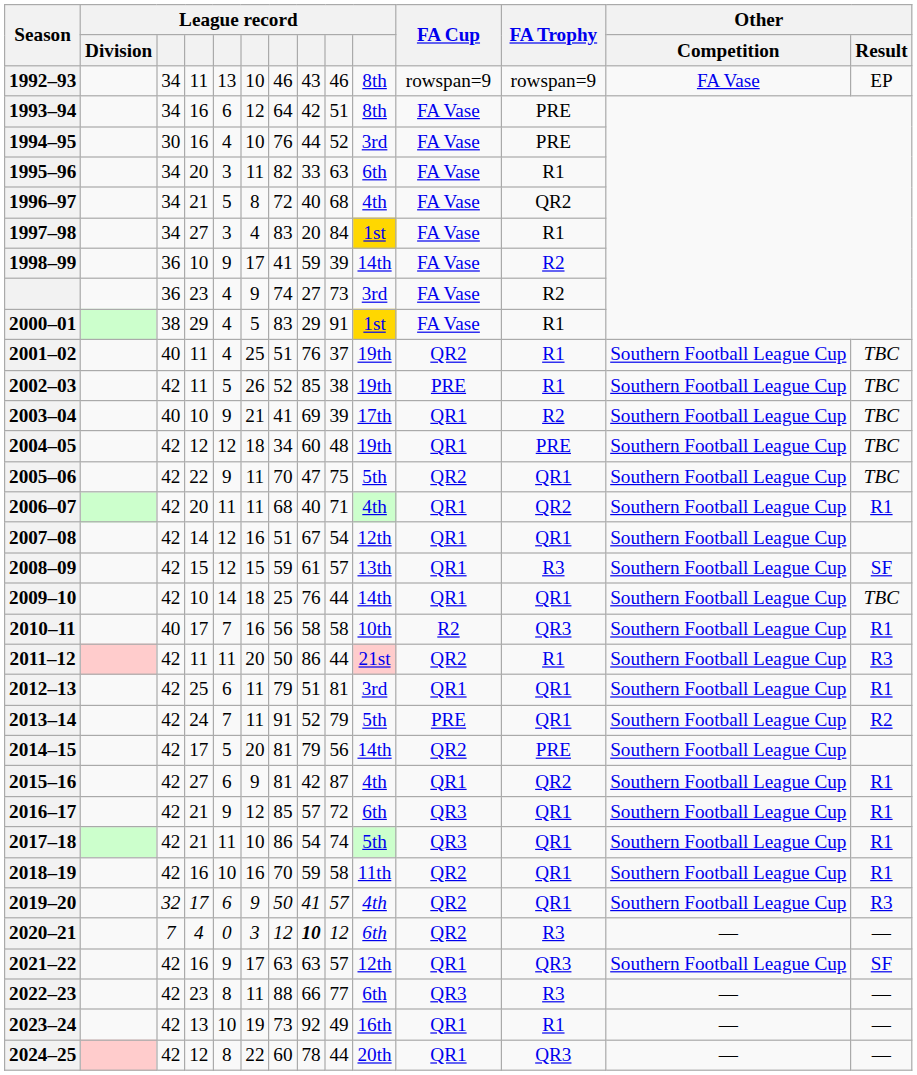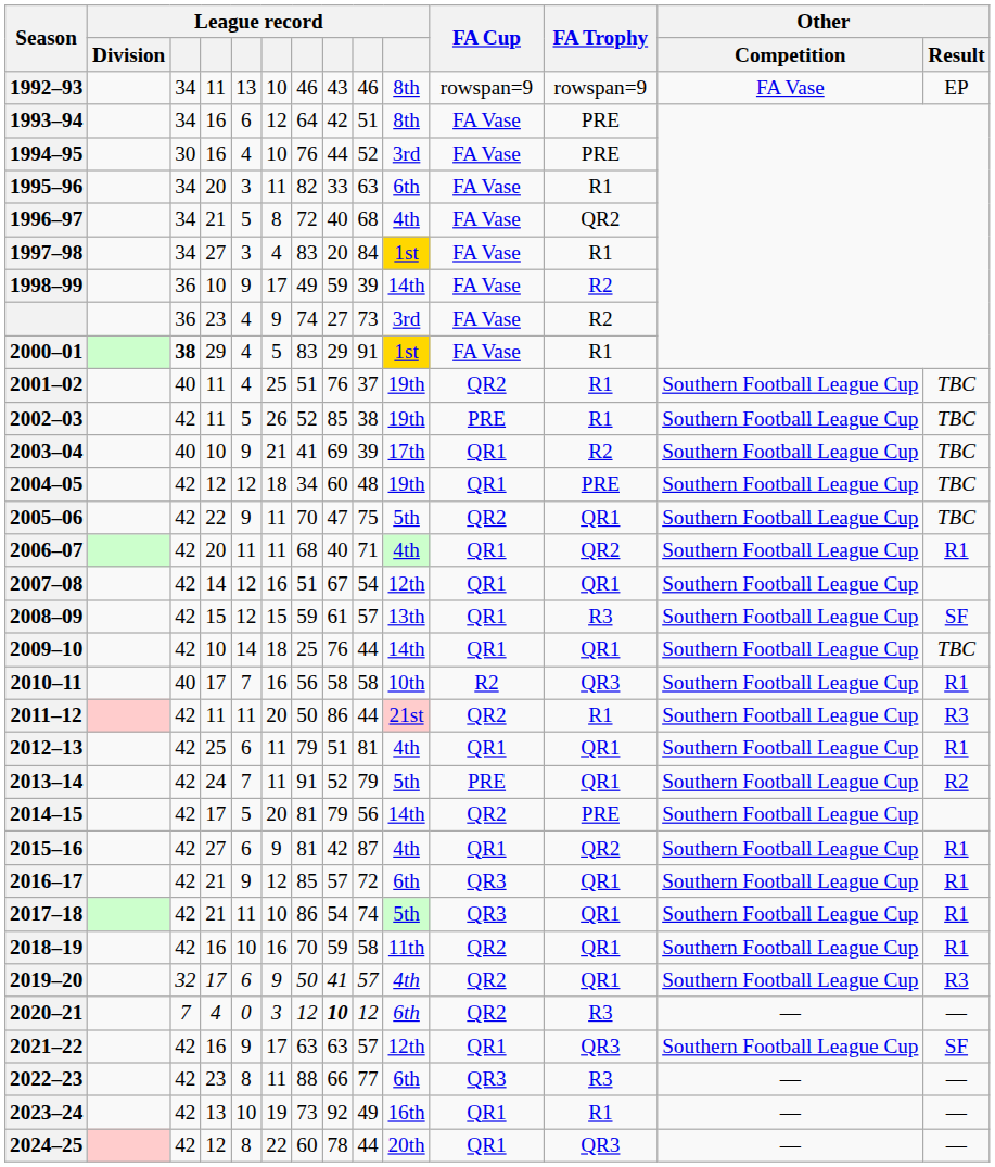 <table class="wikitable sortable plainrowheaders" style="text-align:center;">
 <tr>
 <th rowspan=2 scope=col>Season</th>
 <th colspan=9>League record</th>
 <th rowspan=2 scope=col width=80px><a href='#'>FA Cup</a></th>
 <th rowspan=2 scope=col width=80px><a href='#'>FA Trophy</a></th>
 <th scope=col colspan=2 width=80px>Other</th>
 </tr>
 <tr>
 <th scope=col>Division</th>
 <th scope=col></th>
 <th scope=col></th>
 <th scope=col></th>
 <th scope=col></th>
 <th scope=col></th>
 <th scope=col></th>
 <th scope=col data-sort-type="number"></th>
 <th scope=col data-sort-type="number"></th>
 <th scope=col>Competition</th>
 <th scope=col>Result</th>
 </tr>
 <tr>
 <th scope=row>1992–93</th>
 <td></td>
 <td>34</td>
 <td>11</td>
 <td>13</td>
 <td>10</td>
 <td>46</td>
 <td>43</td>
 <td>46</td>
 <td><a href='#'>8th</a></td>
 <td>rowspan=9 </td>
 <td>rowspan=9 </td>
 <td><a href='#'>FA Vase</a></td>
 <td>EP</td>
 </tr>
 <tr>
 <th scope=row>1993–94</th>
 <td></td>
 <td>34</td>
 <td>16</td>
 <td>6</td>
 <td>12</td>
 <td>64</td>
 <td>42</td>
 <td>51</td>
 <td><a href='#'>8th</a></td>
 <td><a href='#'>FA Vase</a></td>
 <td>PRE</td>
 </tr>
 <tr>
 <th scope=row>1994–95</th>
 <td></td>
 <td>30</td>
 <td>16</td>
 <td>4</td>
 <td>10</td>
 <td>76</td>
 <td>44</td>
 <td>52</td>
 <td><a href='#'>3rd</a></td>
 <td><a href='#'>FA Vase</a></td>
 <td>PRE</td>
 </tr>
 <tr>
 <th scope=row>1995–96</th>
 <td></td>
 <td>34</td>
 <td>20</td>
 <td>3</td>
 <td>11</td>
 <td>82</td>
 <td>33</td>
 <td>63</td>
 <td><a href='#'>6th</a></td>
 <td><a href='#'>FA Vase</a></td>
 <td>R1</td>
 </tr>
 <tr>
 <th scope=row>1996–97</th>
 <td></td>
 <td>34</td>
 <td>21</td>
 <td>5</td>
 <td>8</td>
 <td>72</td>
 <td>40</td>
 <td>68</td>
 <td><a href='#'>4th</a></td>
 <td><a href='#'>FA Vase</a></td>
 <td>QR2</td>
 </tr>
 <tr>
 <th scope=row>1997–98</th>
 <td></td>
 <td>34</td>
 <td>27</td>
 <td>3</td>
 <td>4</td>
 <td>83</td>
 <td>20</td>
 <td>84</td>
 <td style="background-color:gold;"><a href='#'>1st</a></td>
 <td><a href='#'>FA Vase</a></td>
 <td>R1</td>
 </tr>
 <tr>
 <th scope=row>1998–99</th>
 <td></td>
 <td>36</td>
 <td>10</td>
 <td>9</td>
 <td>17</td>
-<td>41</td>
+<td>49</td>
 <td>59</td>
 <td>39</td>
 <td><a href='#'>14th</a></td>
 <td><a href='#'>FA Vase</a></td>
 <td><a href='#'>R2</a></td>
 </tr>
 <tr>
 <th scope=row></th>
 <td></td>
 <td>36</td>
 <td>23</td>
 <td>4</td>
 <td>9</td>
 <td>74</td>
 <td>27</td>
 <td>73</td>
 <td><a href='#'>3rd</a></td>
 <td><a href='#'>FA Vase</a></td>
 <td>R2</td>
 </tr>
 <tr>
 <th scope=row>2000–01</th>
 <td style="background-color:#cfc;"></td>
-<td>38</td>
+<td><strong>38</strong></td>
 <td>29</td>
 <td>4</td>
 <td>5</td>
 <td>83</td>
 <td>29</td>
 <td>91</td>
 <td style="background-color:gold;"><a href='#'>1st</a></td>
 <td><a href='#'>FA Vase</a></td>
 <td>R1</td>
 </tr>
 <tr>
 <th scope=row>2001–02</th>
 <td></td>
 <td>40</td>
 <td>11</td>
 <td>4</td>
 <td>25</td>
 <td>51</td>
 <td>76</td>
 <td>37</td>
 <td><a href='#'>19th</a></td>
 <td><a href='#'>QR2</a></td>
 <td><a href='#'>R1</a></td>
 <td><a href='#'>Southern Football League Cup</a></td>
 <td><em>TBC</em></td>
 </tr>
 <tr>
 <th scope=row>2002–03</th>
 <td></td>
 <td>42</td>
 <td>11</td>
 <td>5</td>
 <td>26</td>
 <td>52</td>
 <td>85</td>
 <td>38</td>
 <td><a href='#'>19th</a></td>
 <td><a href='#'>PRE</a></td>
 <td><a href='#'>R1</a></td>
 <td><a href='#'>Southern Football League Cup</a></td>
 <td><em>TBC</em></td>
 </tr>
 <tr>
 <th scope=row>2003–04</th>
 <td></td>
 <td>40</td>
 <td>10</td>
 <td>9</td>
 <td>21</td>
 <td>41</td>
 <td>69</td>
 <td>39</td>
 <td><a href='#'>17th</a></td>
 <td><a href='#'>QR1</a></td>
 <td><a href='#'>R2</a></td>
 <td><a href='#'>Southern Football League Cup</a></td>
 <td><em>TBC</em></td>
 </tr>
 <tr>
 <th scope=row>2004–05</th>
 <td></td>
 <td>42</td>
 <td>12</td>
 <td>12</td>
 <td>18</td>
 <td>34</td>
 <td>60</td>
 <td>48</td>
 <td><a href='#'>19th</a></td>
 <td><a href='#'>QR1</a></td>
 <td><a href='#'>PRE</a></td>
 <td><a href='#'>Southern Football League Cup</a></td>
 <td><em>TBC</em></td>
 </tr>
 <tr>
 <th scope=row>2005–06</th>
 <td></td>
 <td>42</td>
 <td>22</td>
 <td>9</td>
 <td>11</td>
 <td>70</td>
 <td>47</td>
 <td>75</td>
 <td><a href='#'>5th</a></td>
 <td><a href='#'>QR2</a></td>
 <td><a href='#'>QR1</a></td>
 <td><a href='#'>Southern Football League Cup</a></td>
 <td><em>TBC</em></td>
 </tr>
 <tr>
 <th scope=row>2006–07</th>
 <td style="background-color:#cfc;"></td>
 <td>42</td>
 <td>20</td>
 <td>11</td>
 <td>11</td>
 <td>68</td>
 <td>40</td>
 <td>71</td>
 <td style="background-color:#cfc;"><a href='#'>4th</a></td>
 <td><a href='#'>QR1</a></td>
 <td><a href='#'>QR2</a></td>
 <td><a href='#'>Southern Football League Cup</a></td>
 <td><a href='#'>R1</a></td>
 </tr>
 <tr>
 <th scope=row>2007–08</th>
 <td></td>
 <td>42</td>
 <td>14</td>
 <td>12</td>
 <td>16</td>
 <td>51</td>
 <td>67</td>
 <td>54</td>
 <td><a href='#'>12th</a></td>
 <td><a href='#'>QR1</a></td>
 <td><a href='#'>QR1</a></td>
 <td><a href='#'>Southern Football League Cup</a></td>
 <td></td>
 </tr>
 <tr>
 <th scope=row>2008–09</th>
 <td></td>
 <td>42</td>
 <td>15</td>
 <td>12</td>
 <td>15</td>
 <td>59</td>
 <td>61</td>
 <td>57</td>
 <td><a href='#'>13th</a></td>
 <td><a href='#'>QR1</a></td>
 <td><a href='#'>R3</a></td>
 <td><a href='#'>Southern Football League Cup</a></td>
 <td><a href='#'>SF</a></td>
 </tr>
 <tr>
 <th scope=row>2009–10</th>
 <td></td>
 <td>42</td>
 <td>10</td>
 <td>14</td>
 <td>18</td>
 <td>25</td>
 <td>76</td>
 <td>44</td>
 <td><a href='#'>14th</a></td>
 <td><a href='#'>QR1</a></td>
 <td><a href='#'>QR1</a></td>
 <td><a href='#'>Southern Football League Cup</a></td>
 <td><em>TBC</em></td>
 </tr>
 <tr>
 <th scope=row>2010–11</th>
 <td></td>
 <td>40</td>
 <td>17</td>
 <td>7</td>
 <td>16</td>
 <td>56</td>
 <td>58</td>
 <td>58</td>
 <td><a href='#'>10th</a></td>
 <td><a href='#'>R2</a></td>
 <td><a href='#'>QR3</a></td>
 <td><a href='#'>Southern Football League Cup</a></td>
 <td><a href='#'>R1</a></td>
 </tr>
 <tr>
 <th scope=row>2011–12</th>
 <td style="background-color:#fcc;"></td>
 <td>42</td>
 <td>11</td>
 <td>11</td>
 <td>20</td>
 <td>50</td>
 <td>86</td>
 <td>44</td>
 <td style="background-color:#fcc;"><a href='#'>21st</a></td>
 <td><a href='#'>QR2</a></td>
 <td><a href='#'>R1</a></td>
 <td><a href='#'>Southern Football League Cup</a></td>
 <td><a href='#'>R3</a></td>
 </tr>
 <tr>
 <th scope=row>2012–13</th>
 <td></td>
 <td>42</td>
 <td>25</td>
 <td>6</td>
 <td>11</td>
 <td>79</td>
 <td>51</td>
 <td>81</td>
-<td><a href='#'>3rd</a></td>
+<td><a href='#'>4th</a></td>
 <td><a href='#'>QR1</a></td>
 <td><a href='#'>QR1</a></td>
 <td><a href='#'>Southern Football League Cup</a></td>
 <td><a href='#'>R1</a></td>
 </tr>
 <tr>
 <th scope=row>2013–14</th>
 <td></td>
 <td>42</td>
 <td>24</td>
 <td>7</td>
 <td>11</td>
 <td>91</td>
 <td>52</td>
 <td>79</td>
 <td><a href='#'>5th</a></td>
 <td><a href='#'>PRE</a></td>
 <td><a href='#'>QR1</a></td>
 <td><a href='#'>Southern Football League Cup</a></td>
 <td><a href='#'>R2</a></td>
 </tr>
 <tr>
 <th scope=row>2014–15</th>
 <td></td>
 <td>42</td>
 <td>17</td>
 <td>5</td>
 <td>20</td>
 <td>81</td>
 <td>79</td>
 <td>56</td>
 <td><a href='#'>14th</a></td>
 <td><a href='#'>QR2</a></td>
 <td><a href='#'>PRE</a></td>
 <td><a href='#'>Southern Football League Cup</a></td>
 <td></td>
 </tr>
 <tr>
 <th scope=row>2015–16</th>
 <td></td>
 <td>42</td>
 <td>27</td>
 <td>6</td>
 <td>9</td>
 <td>81</td>
 <td>42</td>
 <td>87</td>
 <td><a href='#'>4th</a></td>
 <td><a href='#'>QR1</a></td>
 <td><a href='#'>QR2</a></td>
 <td><a href='#'>Southern Football League Cup</a></td>
 <td><a href='#'>R1</a></td>
 </tr>
 <tr>
 <th scope=row>2016–17</th>
 <td></td>
 <td>42</td>
 <td>21</td>
 <td>9</td>
 <td>12</td>
 <td>85</td>
 <td>57</td>
 <td>72</td>
 <td><a href='#'>6th</a></td>
 <td><a href='#'>QR3</a></td>
 <td><a href='#'>QR1</a></td>
 <td><a href='#'>Southern Football League Cup</a></td>
 <td><a href='#'>R1</a></td>
 </tr>
 <tr>
 <th scope=row>2017–18</th>
 <td style="background-color:#cfc;"></td>
 <td>42</td>
 <td>21</td>
 <td>11</td>
 <td>10</td>
 <td>86</td>
 <td>54</td>
 <td>74</td>
 <td style="background-color:#cfc;"><a href='#'>5th</a></td>
 <td><a href='#'>QR3</a></td>
 <td><a href='#'>QR1</a></td>
 <td><a href='#'>Southern Football League Cup</a></td>
 <td><a href='#'>R1</a></td>
 </tr>
 <tr>
 <th scope=row>2018–19</th>
 <td></td>
 <td>42</td>
 <td>16</td>
 <td>10</td>
 <td>16</td>
 <td>70</td>
 <td>59</td>
 <td>58</td>
 <td><a href='#'>11th</a></td>
 <td><a href='#'>QR2</a></td>
 <td><a href='#'>QR1</a></td>
 <td><a href='#'>Southern Football League Cup</a></td>
 <td><a href='#'>R1</a></td>
 </tr>
 <tr>
 <th scope=row>2019–20</th>
 <td></td>
 <td><em>32</em></td>
 <td><em>17</em></td>
 <td><em>6</em></td>
 <td><em>9</em></td>
 <td><em>50</em></td>
 <td><em>41</em></td>
 <td><em>57</em></td>
 <td><em><a href='#'>4th</a></em></td>
 <td><a href='#'>QR2</a></td>
 <td><a href='#'>QR1</a></td>
 <td><a href='#'>Southern Football League Cup</a></td>
 <td><a href='#'>R3</a></td>
 </tr>
 <tr>
 <th scope=row>2020–21</th>
 <td></td>
 <td><em>7</em></td>
 <td><em>4</em></td>
 <td><em>0</em></td>
 <td><em>3</em></td>
 <td><em>12</em></td>
 <td><strong><em>10</em></strong></td>
 <td><em>12</em></td>
 <td><em><a href='#'>6th</a></em></td>
 <td><a href='#'>QR2</a></td>
 <td><a href='#'>R3</a></td>
 <td>—</td>
 <td>—</td>
 </tr>
 <tr>
 <th scope=row>2021–22</th>
 <td></td>
 <td>42</td>
 <td>16</td>
 <td>9</td>
 <td>17</td>
 <td>63</td>
 <td>63</td>
 <td>57</td>
 <td><a href='#'>12th</a></td>
 <td><a href='#'>QR1</a></td>
 <td><a href='#'>QR3</a></td>
 <td><a href='#'>Southern Football League Cup</a></td>
 <td><a href='#'>SF</a></td>
 </tr>
 <tr>
 <th scope=row>2022–23</th>
 <td></td>
 <td>42</td>
 <td>23</td>
 <td>8</td>
 <td>11</td>
 <td>88</td>
 <td>66</td>
 <td>77</td>
 <td><a href='#'>6th</a></td>
 <td><a href='#'>QR3</a></td>
 <td><a href='#'>R3</a></td>
 <td>—</td>
 <td>—</td>
 </tr>
 <tr>
 <th scope=row>2023–24</th>
 <td></td>
 <td>42</td>
 <td>13</td>
 <td>10</td>
 <td>19</td>
 <td>73</td>
 <td>92</td>
 <td>49</td>
 <td><a href='#'>16th</a></td>
 <td><a href='#'>QR1</a></td>
 <td><a href='#'>R1</a></td>
 <td>—</td>
 <td>—</td>
 </tr>
 <tr>
 <th scope=row>2024–25</th>
 <td style="background-color:#fcc;"></td>
 <td>42</td>
 <td>12</td>
 <td>8</td>
 <td>22</td>
 <td>60</td>
 <td>78</td>
 <td>44</td>
 <td><a href='#'>20th</a></td>
 <td><a href='#'>QR1</a></td>
 <td><a href='#'>QR3</a></td>
 <td>—</td>
 <td>—</td>
 </tr>
 </table>
